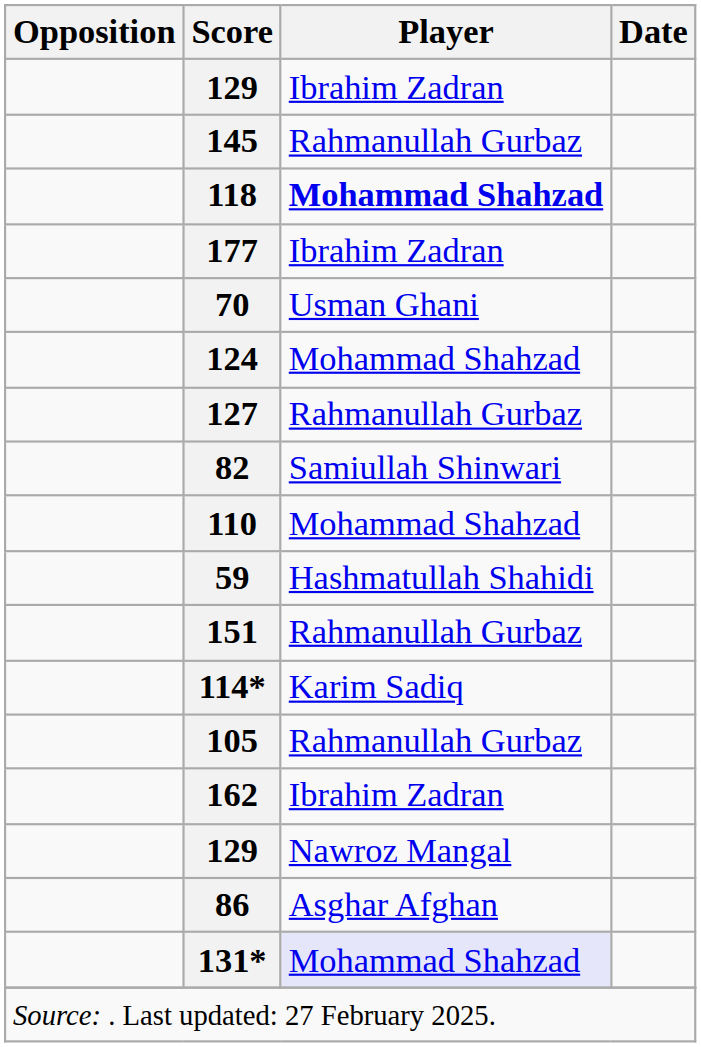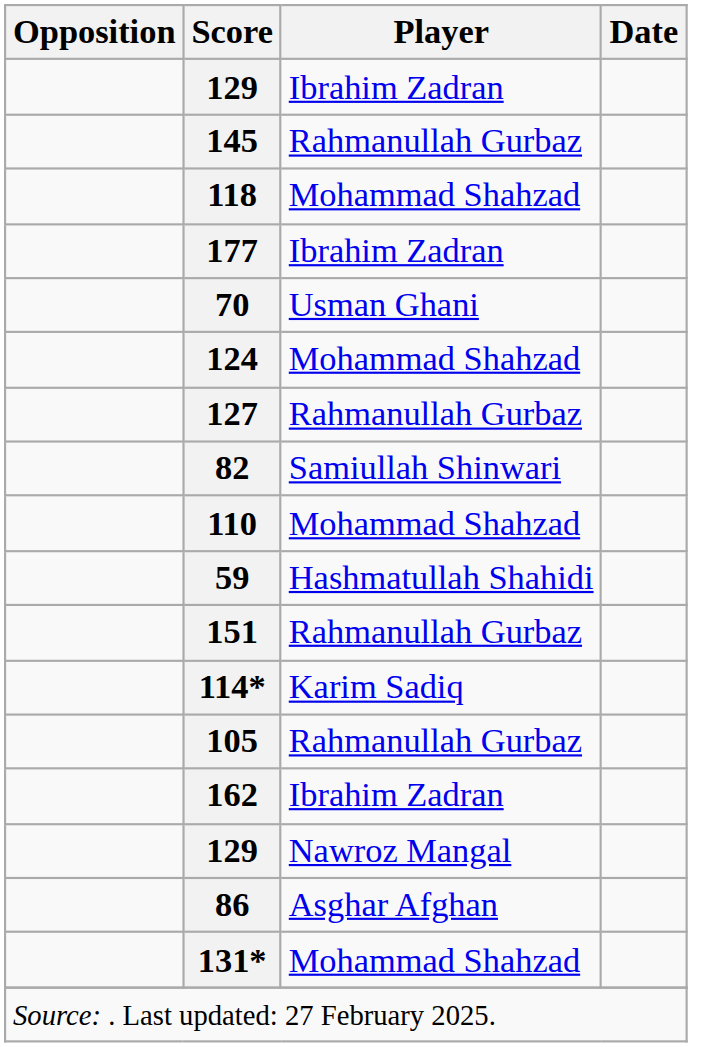 <table class="wikitable sortable">
 <tr>
 <th>Opposition</th>
 <th>Score</th>
 <th>Player</th>
 <th>Date</th>
 </tr>
 <tr>
 <td></td>
 <th>129</th>
 <td><a href='#'>Ibrahim Zadran</a></td>
 <td></td>
 </tr>
 <tr>
 <td></td>
 <th>145</th>
 <td><a href='#'>Rahmanullah Gurbaz</a></td>
 <td></td>
 </tr>
 <tr>
 <td></td>
 <th>118</th>
-<td><strong><a href='#'>Mohammad Shahzad</a></strong></td>
+<td><a href='#'>Mohammad Shahzad</a></td>
 <td></td>
 </tr>
 <tr>
 <td></td>
 <th>177</th>
 <td><a href='#'>Ibrahim Zadran</a></td>
 <td> </td>
 </tr>
 <tr>
 <td></td>
 <th>70</th>
 <td><a href='#'>Usman Ghani</a></td>
 <td></td>
 </tr>
 <tr>
 <td></td>
 <th>124</th>
 <td><a href='#'>Mohammad Shahzad</a></td>
 <td></td>
 </tr>
 <tr>
 <td></td>
 <th>127</th>
 <td><a href='#'>Rahmanullah Gurbaz</a></td>
 <td></td>
 </tr>
 <tr>
 <td></td>
 <th>82</th>
 <td><a href='#'>Samiullah Shinwari</a></td>
 <td></td>
 </tr>
 <tr>
 <td></td>
 <th>110</th>
 <td><a href='#'>Mohammad Shahzad</a></td>
 <td></td>
 </tr>
 <tr>
 <td></td>
 <th>59</th>
 <td><a href='#'>Hashmatullah Shahidi</a></td>
 <td> </td>
 </tr>
 <tr>
 <td></td>
 <th>151</th>
 <td><a href='#'>Rahmanullah Gurbaz</a></td>
 <td></td>
 </tr>
 <tr>
 <td></td>
 <th>114*</th>
 <td><a href='#'>Karim Sadiq</a></td>
 <td></td>
 </tr>
 <tr>
 <td></td>
 <th>105</th>
 <td><a href='#'>Rahmanullah Gurbaz</a></td>
 <td> </td>
 </tr>
 <tr>
 <td></td>
 <th>162</th>
 <td><a href='#'>Ibrahim Zadran</a></td>
 <td></td>
 </tr>
 <tr>
 <td></td>
 <th>129</th>
 <td><a href='#'>Nawroz Mangal</a></td>
 <td></td>
 </tr>
 <tr>
 <td></td>
 <th>86</th>
 <td><a href='#'>Asghar Afghan</a></td>
 <td></td>
 </tr>
 <tr>
 <td></td>
 <th>131*</th>
-<td style="background: lavender;"><a href='#'>Mohammad Shahzad</a></td>
+<td><a href='#'>Mohammad Shahzad</a></td>
 <td></td>
 </tr>
 <tr>
 </tr>
 <tr class=sortbottom>
 <td colspan=5><small><em>Source: </em>. Last updated: 27 February 2025.</small></td>
 </tr>
 </table>
